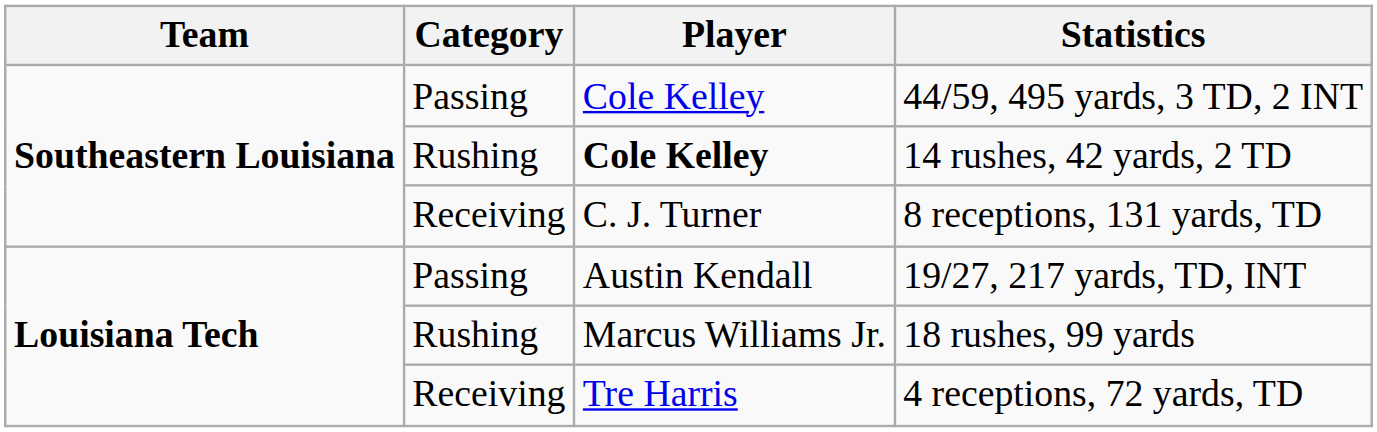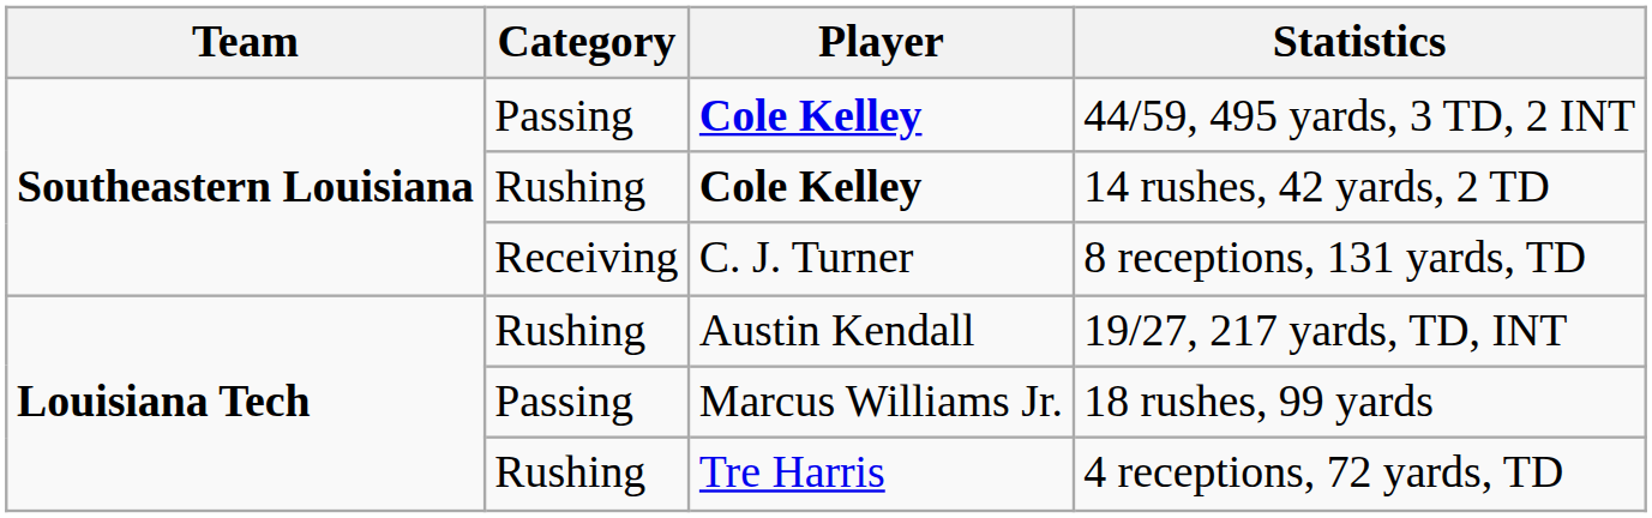 <table class="wikitable" style="float: right;">
 <tr>
 <th>Team</th>
 <th>Category</th>
 <th>Player</th>
 <th>Statistics</th>
 </tr>
 <tr>
 <td rowspan=3><strong>Southeastern Louisiana</strong></td>
 <td>Passing</td>
-<td><a href='#'>Cole Kelley</a></td>
+<td><strong><a href='#'>Cole Kelley</a></strong></td>
 <td>44/59, 495 yards, 3 TD, 2 INT</td>
 </tr>
 <tr>
 <td>Rushing</td>
 <td><strong>Cole Kelley</strong></td>
 <td>14 rushes, 42 yards, 2 TD</td>
 </tr>
 <tr>
 <td>Receiving</td>
 <td>C. J. Turner</td>
 <td>8 receptions, 131 yards, TD</td>
 </tr>
 <tr>
 <td rowspan=3><strong>Louisiana Tech</strong></td>
-<td>Passing</td>
+<td>Rushing</td>
 <td>Austin Kendall</td>
 <td>19/27, 217 yards, TD, INT</td>
 </tr>
 <tr>
-<td>Rushing</td>
+<td>Passing</td>
 <td>Marcus Williams Jr.</td>
 <td>18 rushes, 99 yards</td>
 </tr>
 <tr>
-<td>Receiving</td>
+<td>Rushing</td>
 <td><a href='#'>Tre Harris</a></td>
 <td>4 receptions, 72 yards, TD</td>
 </tr>
 </table>
